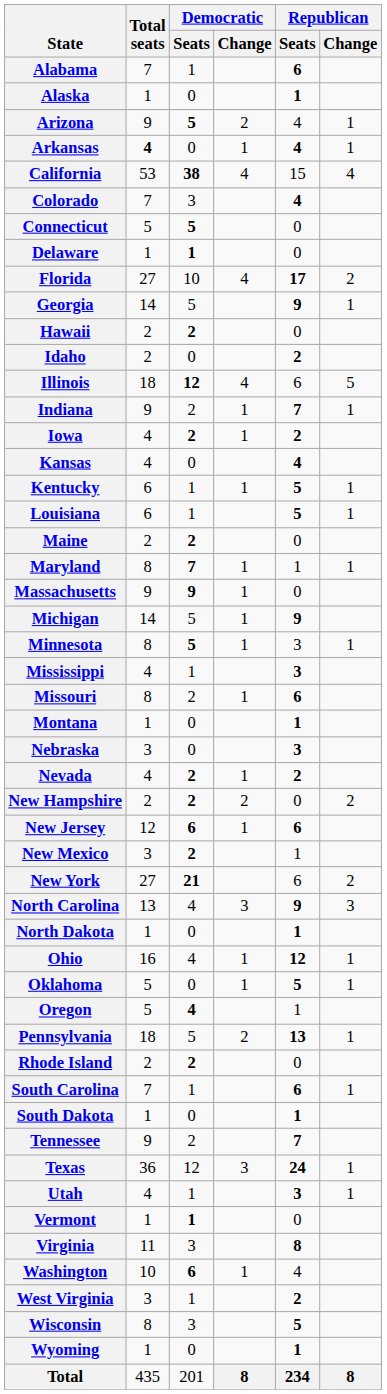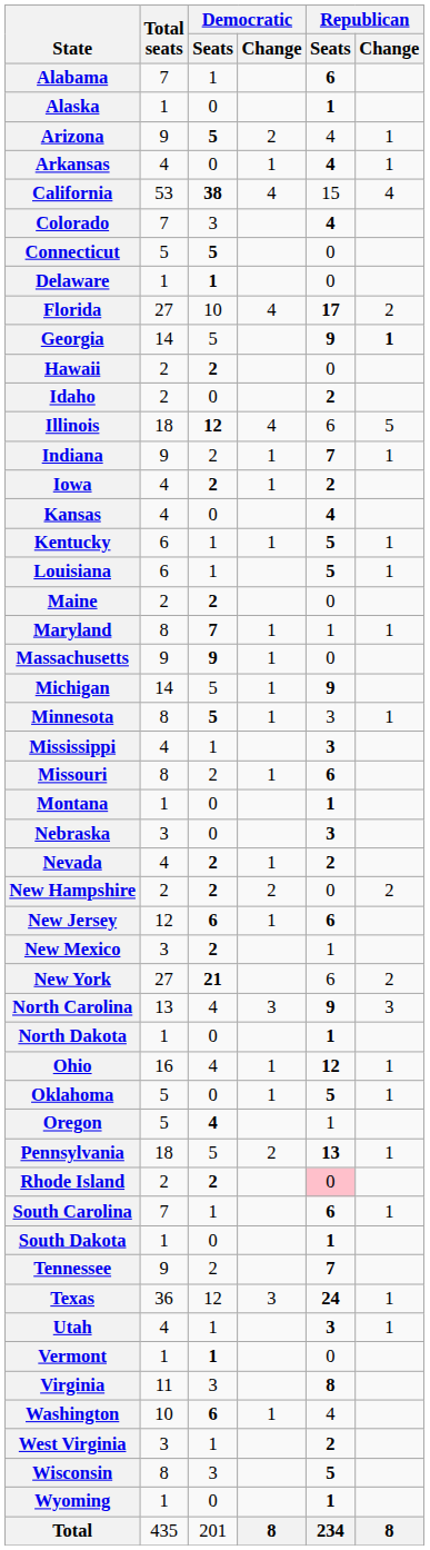 <table class=wikitable style="text-align:center">
 <tr valign=bottom>
 <th rowspan=2>State</th>
 <th rowspan=2>Total<br>seats</th>
 <th colspan=2 ><a href='#'>Democratic</a></th>
 <th colspan=2 ><a href='#'>Republican</a></th>
 </tr>
 <tr>
 <th>Seats</th>
 <th>Change</th>
 <th>Seats</th>
 <th>Change</th>
 </tr>
 <tr>
 <th><a href='#'>Alabama</a></th>
 <td>7</td>
 <td>1</td>
 <td></td>
 <td><strong>6</strong></td>
 <td></td>
 </tr>
 <tr>
 <th><a href='#'>Alaska</a></th>
 <td>1</td>
 <td>0</td>
 <td></td>
 <td><strong>1</strong></td>
 <td></td>
 </tr>
 <tr>
 <th><a href='#'>Arizona</a></th>
 <td>9</td>
 <td><strong>5</strong></td>
 <td> 2</td>
 <td>4</td>
 <td> 1</td>
 </tr>
 <tr>
 <th><a href='#'>Arkansas</a></th>
-<td><strong>4</strong></td>
+<td>4</td>
 <td>0</td>
 <td> 1</td>
 <td><strong>4</strong></td>
 <td> 1</td>
 </tr>
 <tr>
 <th><a href='#'>California</a></th>
 <td>53</td>
 <td><strong>38</strong></td>
 <td> 4</td>
 <td>15</td>
 <td> 4</td>
 </tr>
 <tr>
 <th><a href='#'>Colorado</a></th>
 <td>7</td>
 <td>3</td>
 <td></td>
 <td><strong>4</strong></td>
 <td></td>
 </tr>
 <tr>
 <th><a href='#'>Connecticut</a></th>
 <td>5</td>
 <td><strong>5</strong></td>
 <td></td>
 <td>0</td>
 <td></td>
 </tr>
 <tr>
 <th><a href='#'>Delaware</a></th>
 <td>1</td>
 <td><strong>1</strong></td>
 <td></td>
 <td>0</td>
 <td></td>
 </tr>
 <tr>
 <th><a href='#'>Florida</a></th>
 <td>27</td>
 <td>10</td>
 <td> 4</td>
 <td><strong>17</strong></td>
 <td> 2</td>
 </tr>
 <tr>
 <th><a href='#'>Georgia</a></th>
 <td>14</td>
 <td>5</td>
 <td></td>
 <td><strong>9</strong></td>
-<td> 1</td>
+<td><strong> 1</strong></td>
 </tr>
 <tr>
 <th><a href='#'>Hawaii</a></th>
 <td>2</td>
 <td><strong>2</strong></td>
 <td></td>
 <td>0</td>
 <td></td>
 </tr>
 <tr>
 <th><a href='#'>Idaho</a></th>
 <td>2</td>
 <td>0</td>
 <td></td>
 <td><strong>2</strong></td>
 <td></td>
 </tr>
 <tr>
 <th><a href='#'>Illinois</a></th>
 <td>18</td>
 <td><strong>12</strong></td>
 <td> 4</td>
 <td>6</td>
 <td> 5</td>
 </tr>
 <tr>
 <th><a href='#'>Indiana</a></th>
 <td>9</td>
 <td>2</td>
 <td> 1</td>
 <td><strong>7</strong></td>
 <td> 1</td>
 </tr>
 <tr>
 <th><a href='#'>Iowa</a></th>
 <td>4</td>
 <td><strong>2</strong></td>
 <td> 1</td>
 <td><strong>2</strong></td>
 <td></td>
 </tr>
 <tr>
 <th><a href='#'>Kansas</a></th>
 <td>4</td>
 <td>0</td>
 <td></td>
 <td><strong>4</strong></td>
 <td></td>
 </tr>
 <tr>
 <th><a href='#'>Kentucky</a></th>
 <td>6</td>
 <td>1</td>
 <td> 1</td>
 <td><strong>5</strong></td>
 <td> 1</td>
 </tr>
 <tr>
 <th><a href='#'>Louisiana</a></th>
 <td>6</td>
 <td>1</td>
 <td></td>
 <td><strong>5</strong></td>
 <td> 1</td>
 </tr>
 <tr>
 <th><a href='#'>Maine</a></th>
 <td>2</td>
 <td><strong>2</strong></td>
 <td></td>
 <td>0</td>
 <td></td>
 </tr>
 <tr>
 <th><a href='#'>Maryland</a></th>
 <td>8</td>
 <td><strong>7</strong></td>
 <td> 1</td>
 <td>1</td>
 <td> 1</td>
 </tr>
 <tr>
 <th><a href='#'>Massachusetts</a></th>
 <td>9</td>
 <td><strong>9</strong></td>
 <td> 1</td>
 <td>0</td>
 <td></td>
 </tr>
 <tr>
 <th><a href='#'>Michigan</a></th>
 <td>14</td>
 <td>5</td>
 <td> 1</td>
 <td><strong>9</strong></td>
 <td></td>
 </tr>
 <tr>
 <th><a href='#'>Minnesota</a></th>
 <td>8</td>
 <td><strong>5</strong></td>
 <td> 1</td>
 <td>3</td>
 <td> 1</td>
 </tr>
 <tr>
 <th><a href='#'>Mississippi</a></th>
 <td>4</td>
 <td>1</td>
 <td></td>
 <td><strong>3</strong></td>
 <td></td>
 </tr>
 <tr>
 <th><a href='#'>Missouri</a></th>
 <td>8</td>
 <td>2</td>
 <td> 1</td>
 <td><strong>6</strong></td>
 <td></td>
 </tr>
 <tr>
 <th><a href='#'>Montana</a></th>
 <td>1</td>
 <td>0</td>
 <td></td>
 <td><strong>1</strong></td>
 <td></td>
 </tr>
 <tr>
 <th><a href='#'>Nebraska</a></th>
 <td>3</td>
 <td>0</td>
 <td></td>
 <td><strong>3</strong></td>
 <td></td>
 </tr>
 <tr>
 <th><a href='#'>Nevada</a></th>
 <td>4</td>
 <td><strong>2</strong></td>
 <td> 1</td>
 <td><strong>2</strong></td>
 <td></td>
 </tr>
 <tr>
 <th><a href='#'>New Hampshire</a></th>
 <td>2</td>
 <td><strong>2</strong></td>
 <td> 2</td>
 <td>0</td>
 <td> 2</td>
 </tr>
 <tr>
 <th><a href='#'>New Jersey</a></th>
 <td>12</td>
 <td><strong>6</strong></td>
 <td> 1</td>
 <td><strong>6</strong></td>
 <td></td>
 </tr>
 <tr>
 <th><a href='#'>New Mexico</a></th>
 <td>3</td>
 <td><strong>2</strong></td>
 <td></td>
 <td>1</td>
 <td></td>
 </tr>
 <tr>
 <th><a href='#'>New York</a></th>
 <td>27</td>
 <td><strong>21</strong></td>
 <td></td>
 <td>6</td>
 <td> 2</td>
 </tr>
 <tr>
 <th><a href='#'>North Carolina</a></th>
 <td>13</td>
 <td>4</td>
 <td> 3</td>
 <td><strong>9</strong></td>
 <td> 3</td>
 </tr>
 <tr>
 <th><a href='#'>North Dakota</a></th>
 <td>1</td>
 <td>0</td>
 <td></td>
 <td><strong>1</strong></td>
 <td></td>
 </tr>
 <tr>
 <th><a href='#'>Ohio</a></th>
 <td>16</td>
 <td>4</td>
 <td> 1</td>
 <td><strong>12</strong></td>
 <td> 1</td>
 </tr>
 <tr>
 <th><a href='#'>Oklahoma</a></th>
 <td>5</td>
 <td>0</td>
 <td> 1</td>
 <td><strong>5</strong></td>
 <td> 1</td>
 </tr>
 <tr>
 <th><a href='#'>Oregon</a></th>
 <td>5</td>
 <td><strong>4</strong></td>
 <td></td>
 <td>1</td>
 <td></td>
 </tr>
 <tr>
 <th><a href='#'>Pennsylvania</a></th>
 <td>18</td>
 <td>5</td>
 <td> 2</td>
 <td><strong>13</strong></td>
 <td> 1</td>
 </tr>
 <tr>
 <th><a href='#'>Rhode Island</a></th>
 <td>2</td>
 <td><strong>2</strong></td>
 <td></td>
-<td>0</td>
+<td style="background: pink;">0</td>
 <td></td>
 </tr>
 <tr>
 <th><a href='#'>South Carolina</a></th>
 <td>7</td>
 <td>1</td>
 <td></td>
 <td><strong>6</strong></td>
 <td> 1</td>
 </tr>
 <tr>
 <th><a href='#'>South Dakota</a></th>
 <td>1</td>
 <td>0</td>
 <td></td>
 <td><strong>1</strong></td>
 <td></td>
 </tr>
 <tr>
 <th><a href='#'>Tennessee</a></th>
 <td>9</td>
 <td>2</td>
 <td></td>
 <td><strong>7</strong></td>
 <td></td>
 </tr>
 <tr>
 <th><a href='#'>Texas</a></th>
 <td>36</td>
 <td>12</td>
 <td> 3</td>
 <td><strong>24</strong></td>
 <td> 1</td>
 </tr>
 <tr>
 <th><a href='#'>Utah</a></th>
 <td>4</td>
 <td>1</td>
 <td></td>
 <td><strong>3</strong></td>
 <td> 1</td>
 </tr>
 <tr>
 <th><a href='#'>Vermont</a></th>
 <td>1</td>
 <td><strong>1</strong></td>
 <td></td>
 <td>0</td>
 <td></td>
 </tr>
 <tr>
 <th><a href='#'>Virginia</a></th>
 <td>11</td>
 <td>3</td>
 <td></td>
 <td><strong>8</strong></td>
 <td></td>
 </tr>
 <tr>
 <th><a href='#'>Washington</a></th>
 <td>10</td>
 <td><strong>6</strong></td>
 <td> 1</td>
 <td>4</td>
 <td></td>
 </tr>
 <tr>
 <th><a href='#'>West Virginia</a></th>
 <td>3</td>
 <td>1</td>
 <td></td>
 <td><strong>2</strong></td>
 <td></td>
 </tr>
 <tr>
 <th><a href='#'>Wisconsin</a></th>
 <td>8</td>
 <td>3</td>
 <td></td>
 <td><strong>5</strong></td>
 <td></td>
 </tr>
 <tr>
 <th><a href='#'>Wyoming</a></th>
 <td>1</td>
 <td>0</td>
 <td></td>
 <td><strong>1</strong></td>
 <td></td>
 </tr>
 <tr>
 <th>Total</th>
 <td>435</td>
 <td>201</td>
 <th> 8</th>
 <th>234</th>
 <th> 8</th>
 </tr>
 </table>
